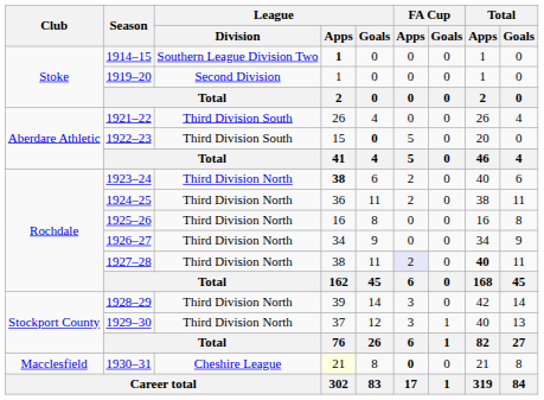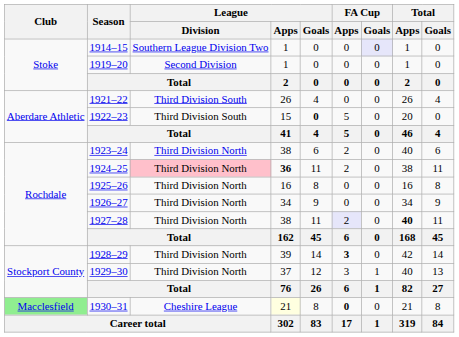 <table class="wikitable" style="text-align: center;">
 <tr>
 <th rowspan="2">Club</th>
 <th rowspan="2">Season</th>
 <th colspan="3">League</th>
 <th colspan="2">FA Cup</th>
 <th colspan="2">Total</th>
 </tr>
 <tr>
 <th>Division</th>
 <th>Apps</th>
 <th>Goals</th>
 <th>Apps</th>
 <th>Goals</th>
 <th>Apps</th>
 <th>Goals</th>
 </tr>
 <tr>
 <td rowspan="3"><a href='#'>Stoke</a></td>
 <td><a href='#'>1914–15</a></td>
 <td><a href='#'>Southern League Division Two</a></td>
-<td><strong>1</strong></td>
+<td>1</td>
 <td>0</td>
 <td>0</td>
-<td>0</td>
+<td style="background: lavender;">0</td>
 <td>1</td>
 <td>0</td>
 </tr>
 <tr>
 <td><a href='#'>1919–20</a></td>
 <td><a href='#'>Second Division</a></td>
 <td>1</td>
 <td>0</td>
 <td>0</td>
 <td>0</td>
 <td>1</td>
 <td>0</td>
 </tr>
 <tr>
 <th colspan=2>Total</th>
 <th>2</th>
 <th>0</th>
 <th>0</th>
 <th>0</th>
 <th>2</th>
 <th>0</th>
 </tr>
 <tr>
 <td rowspan="3"><a href='#'>Aberdare Athletic</a></td>
 <td><a href='#'>1921–22</a></td>
 <td><a href='#'>Third Division South</a></td>
 <td>26</td>
 <td>4</td>
 <td>0</td>
 <td>0</td>
 <td>26</td>
 <td>4</td>
 </tr>
 <tr>
 <td><a href='#'>1922–23</a></td>
 <td>Third Division South</td>
 <td>15</td>
 <td><strong>0</strong></td>
 <td>5</td>
 <td>0</td>
 <td>20</td>
 <td>0</td>
 </tr>
 <tr>
 <th colspan=2>Total</th>
 <th>41</th>
 <th>4</th>
 <th>5</th>
 <th>0</th>
 <th>46</th>
 <th>4</th>
 </tr>
 <tr>
 <td rowspan="6"><a href='#'>Rochdale</a></td>
 <td><a href='#'>1923–24</a></td>
 <td><a href='#'>Third Division North</a></td>
-<td><strong>38</strong></td>
+<td>38</td>
 <td>6</td>
 <td>2</td>
 <td>0</td>
 <td>40</td>
 <td>6</td>
 </tr>
 <tr>
 <td><a href='#'>1924–25</a></td>
-<td>Third Division North</td>
-<td>36</td>
+<td style="background: pink;">Third Division North</td>
+<td><strong>36</strong></td>
 <td>11</td>
 <td>2</td>
 <td>0</td>
 <td>38</td>
 <td>11</td>
 </tr>
 <tr>
 <td><a href='#'>1925–26</a></td>
 <td>Third Division North</td>
 <td>16</td>
 <td>8</td>
 <td>0</td>
 <td>0</td>
 <td>16</td>
 <td>8</td>
 </tr>
 <tr>
 <td><a href='#'>1926–27</a></td>
 <td>Third Division North</td>
 <td>34</td>
 <td>9</td>
 <td>0</td>
 <td>0</td>
 <td>34</td>
 <td>9</td>
 </tr>
 <tr>
 <td><a href='#'>1927–28</a></td>
 <td>Third Division North</td>
 <td>38</td>
 <td>11</td>
 <td style="background: lavender;">2</td>
 <td>0</td>
 <td><strong>40</strong></td>
 <td>11</td>
 </tr>
 <tr>
 <th colspan=2>Total</th>
 <th>162</th>
 <th>45</th>
 <th>6</th>
 <th>0</th>
 <th>168</th>
 <th>45</th>
 </tr>
 <tr>
 <td rowspan="3"><a href='#'>Stockport County</a></td>
 <td><a href='#'>1928–29</a></td>
 <td>Third Division North</td>
 <td>39</td>
 <td>14</td>
-<td>3</td>
+<td><strong>3</strong></td>
 <td>0</td>
 <td>42</td>
 <td>14</td>
 </tr>
 <tr>
 <td><a href='#'>1929–30</a></td>
 <td>Third Division North</td>
 <td>37</td>
 <td>12</td>
 <td>3</td>
 <td>1</td>
 <td>40</td>
 <td>13</td>
 </tr>
 <tr>
 <th colspan=2>Total</th>
 <th>76</th>
 <th>26</th>
 <th>6</th>
 <th>1</th>
 <th>82</th>
 <th>27</th>
 </tr>
 <tr>
-<td><a href='#'>Macclesfield</a></td>
+<td style="background: lightgreen;"><a href='#'>Macclesfield</a></td>
 <td><a href='#'>1930–31</a></td>
 <td><a href='#'>Cheshire League</a></td>
 <td style="background: lightyellow;">21</td>
 <td>8</td>
 <td><strong>0</strong></td>
 <td>0</td>
 <td>21</td>
 <td>8</td>
 </tr>
 <tr>
 <th colspan="3">Career total</th>
 <th>302</th>
 <th>83</th>
 <th>17</th>
 <th>1</th>
 <th>319</th>
 <th>84</th>
 </tr>
 </table>
